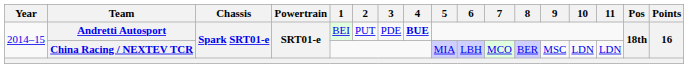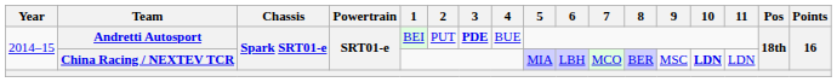 <table class="wikitable" style="text-align:center; font-size:85%">
 <tr>
 <th>Year</th>
 <th>Team</th>
 <th>Chassis</th>
 <th>Powertrain</th>
 <th>1</th>
 <th>2</th>
 <th>3</th>
 <th>4</th>
 <th>5</th>
 <th>6</th>
 <th>7</th>
 <th>8</th>
 <th>9</th>
 <th>10</th>
 <th>11</th>
 <th>Pos</th>
 <th>Points</th>
 </tr>
 <tr>
 <td rowspan=2 nowrap><a href='#'>2014–15</a></td>
 <th nowrap><a href='#'>Andretti Autosport</a></th>
 <th rowspan=2 nowrap><a href='#'>Spark</a> <a href='#'>SRT01-e</a></th>
 <th rowspan=2>SRT01-e</th>
 <td style="background:#DFFFDF;"><a href='#'>BEI</a><br></td>
 <td><a href='#'>PUT</a></td>
-<td><a href='#'>PDE</a></td>
-<td><strong><a href='#'>BUE</a></strong></td>
+<td><strong><a href='#'>PDE</a></strong></td>
+<td><a href='#'>BUE</a></td>
 <td colspan=7></td>
 <th rowspan=2>18th</th>
 <th rowspan=2>16</th>
 </tr>
 <tr>
 <th nowrap><a href='#'>China Racing / NEXTEV TCR</a></th>
 <td colspan=4></td>
 <td style="background:#CFCFFF;"><a href='#'>MIA</a><br></td>
 <td style="background:#CFCFFF;"><a href='#'>LBH</a><br></td>
 <td style="background:#DFFFDF;"><a href='#'>MCO</a><br></td>
 <td style="background:#CFCFFF;"><a href='#'>BER</a><br></td>
 <td><a href='#'>MSC</a></td>
-<td><a href='#'>LDN</a></td>
+<td><strong><a href='#'>LDN</a></strong></td>
 <td><a href='#'>LDN</a></td>
 </tr>
 <tr>
 <th colspan="17"></th>
 </tr>
 </table>
